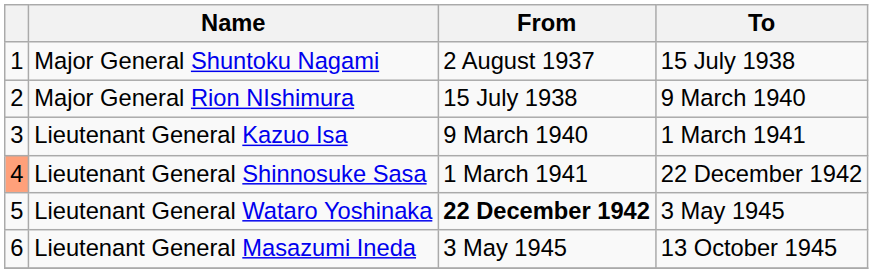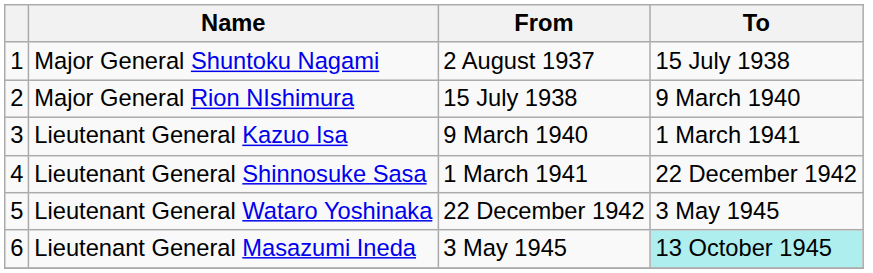 <table class=wikitable>
 <tr>
 <th></th>
 <th>Name</th>
 <th>From</th>
 <th>To</th>
 </tr>
 <tr>
 <td>1</td>
 <td>Major General <a href='#'>Shuntoku Nagami</a></td>
 <td>2 August 1937</td>
 <td>15 July 1938</td>
 </tr>
 <tr>
 <td>2</td>
 <td>Major General <a href='#'>Rion NIshimura</a></td>
 <td>15 July 1938</td>
 <td>9 March 1940</td>
 </tr>
 <tr>
 <td>3</td>
 <td>Lieutenant General <a href='#'>Kazuo Isa</a></td>
 <td>9 March 1940</td>
 <td>1 March 1941</td>
 </tr>
 <tr>
-<td style="background: lightsalmon;">4</td>
+<td>4</td>
 <td>Lieutenant General <a href='#'>Shinnosuke Sasa</a></td>
 <td>1 March 1941</td>
 <td>22 December 1942</td>
 </tr>
 <tr>
 <td>5</td>
 <td>Lieutenant General <a href='#'>Wataro Yoshinaka</a></td>
-<td><strong>22 December 1942</strong></td>
+<td>22 December 1942</td>
 <td>3 May 1945</td>
 </tr>
 <tr>
 <td>6</td>
 <td>Lieutenant General <a href='#'>Masazumi Ineda</a></td>
 <td>3 May 1945</td>
-<td>13 October 1945</td>
+<td style="background: paleturquoise;">13 October 1945</td>
 </tr>
 <tr>
 </tr>
 </table>
